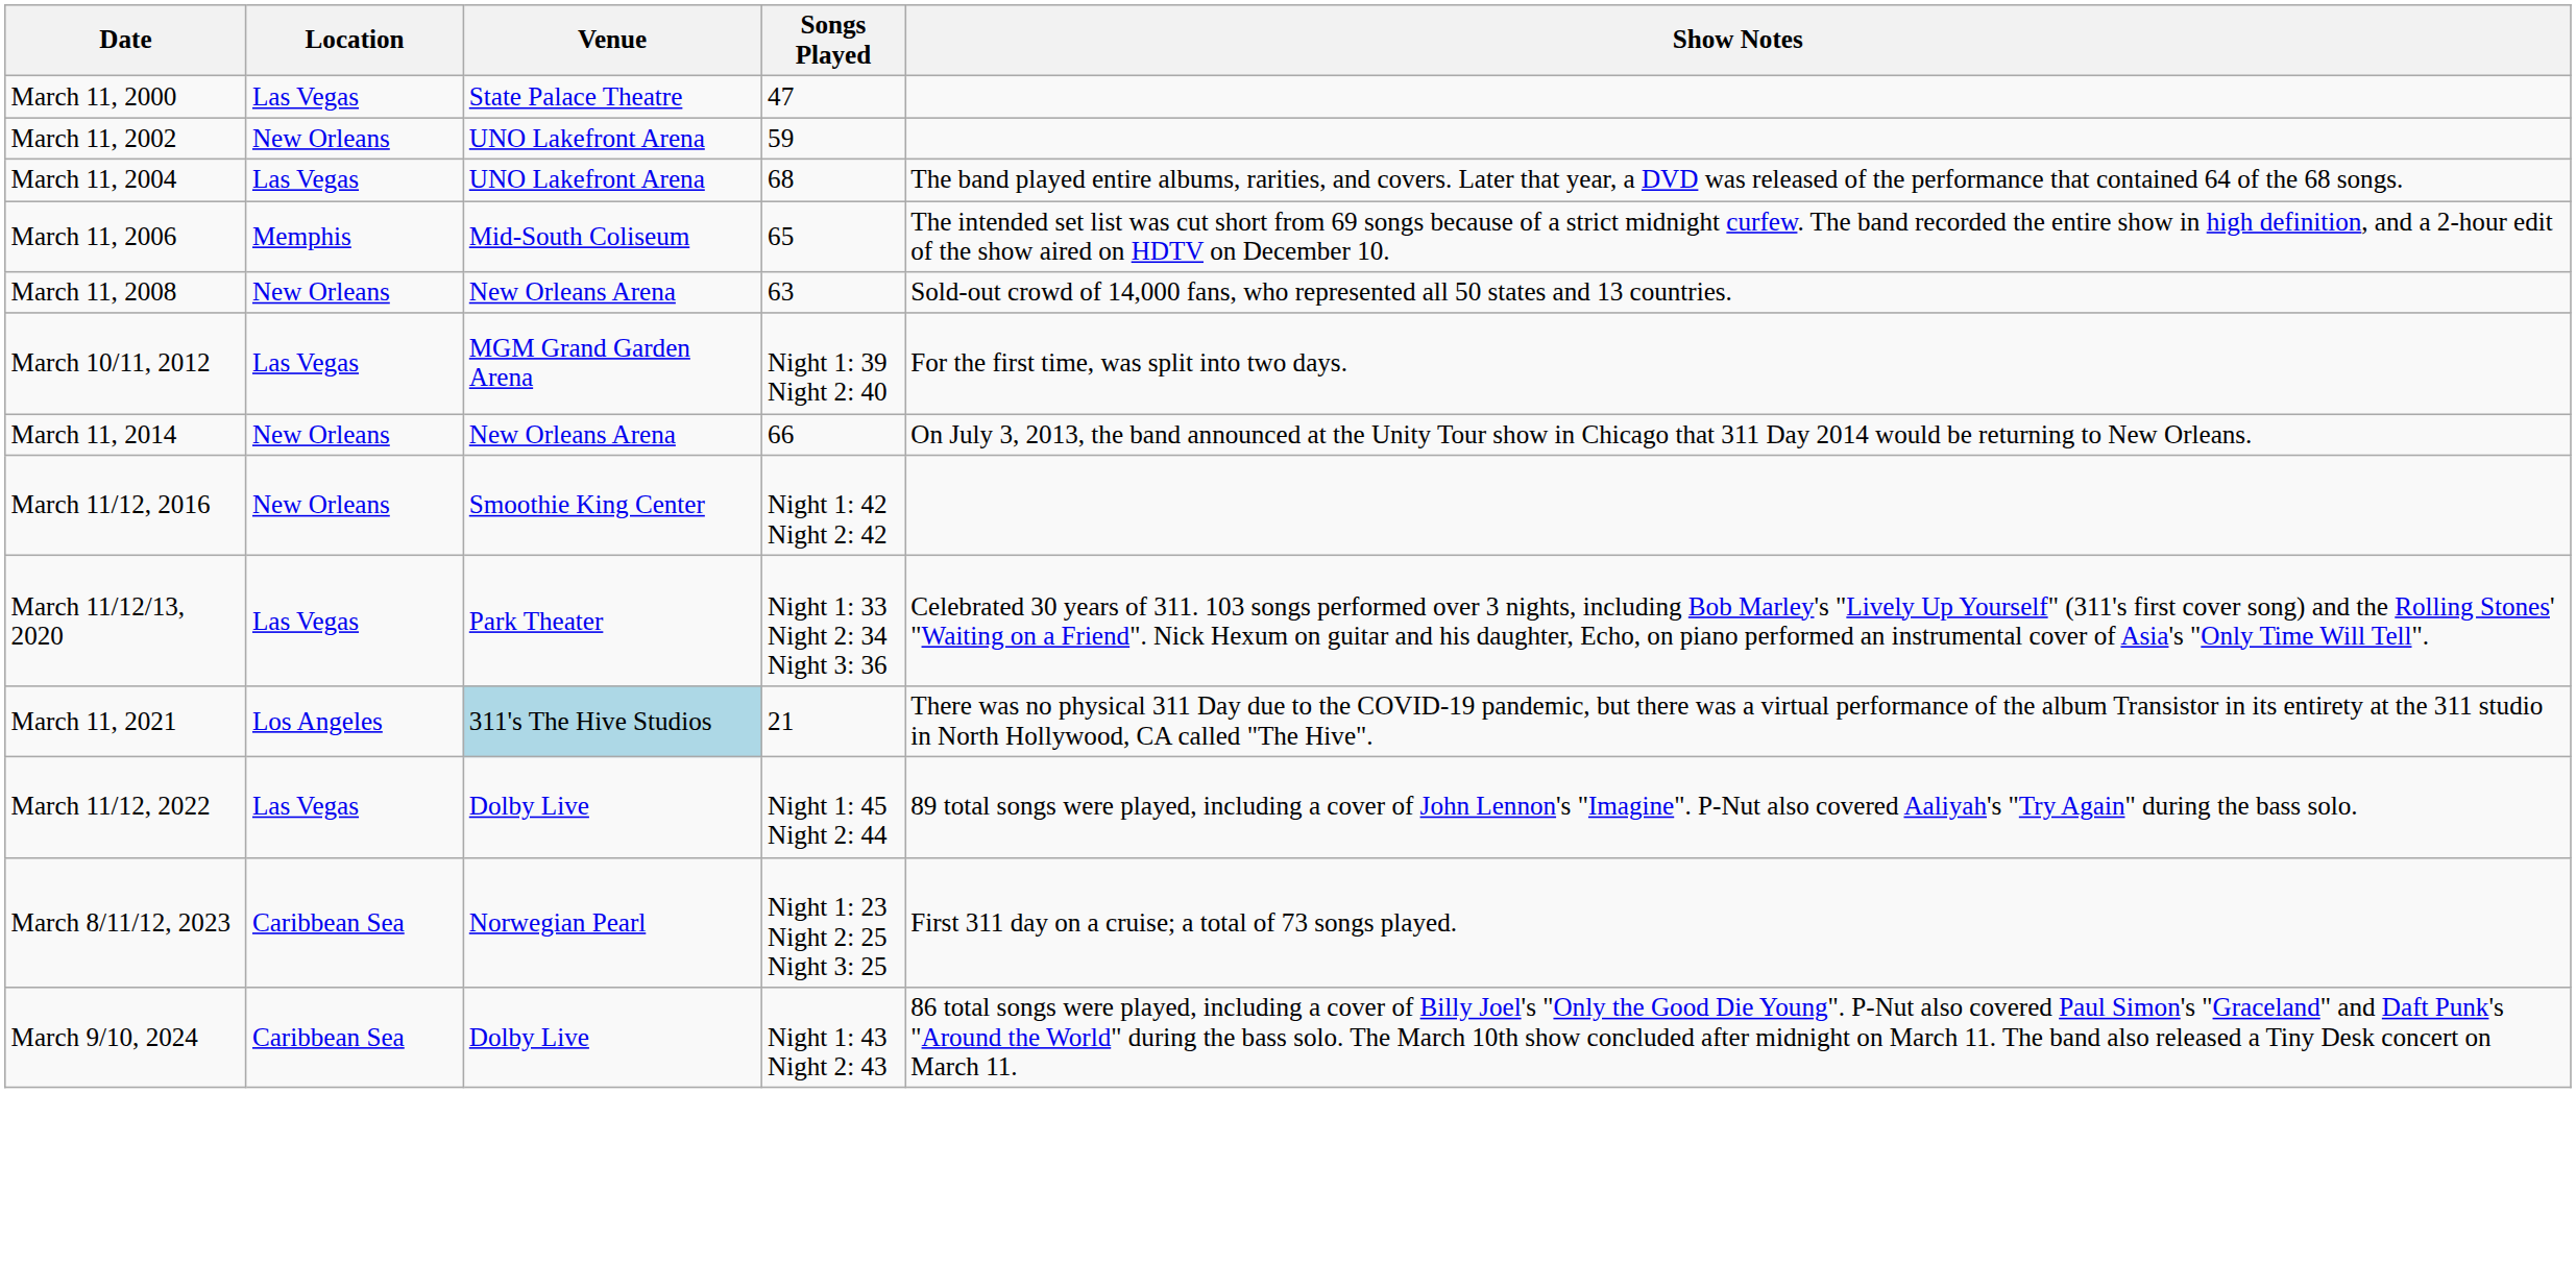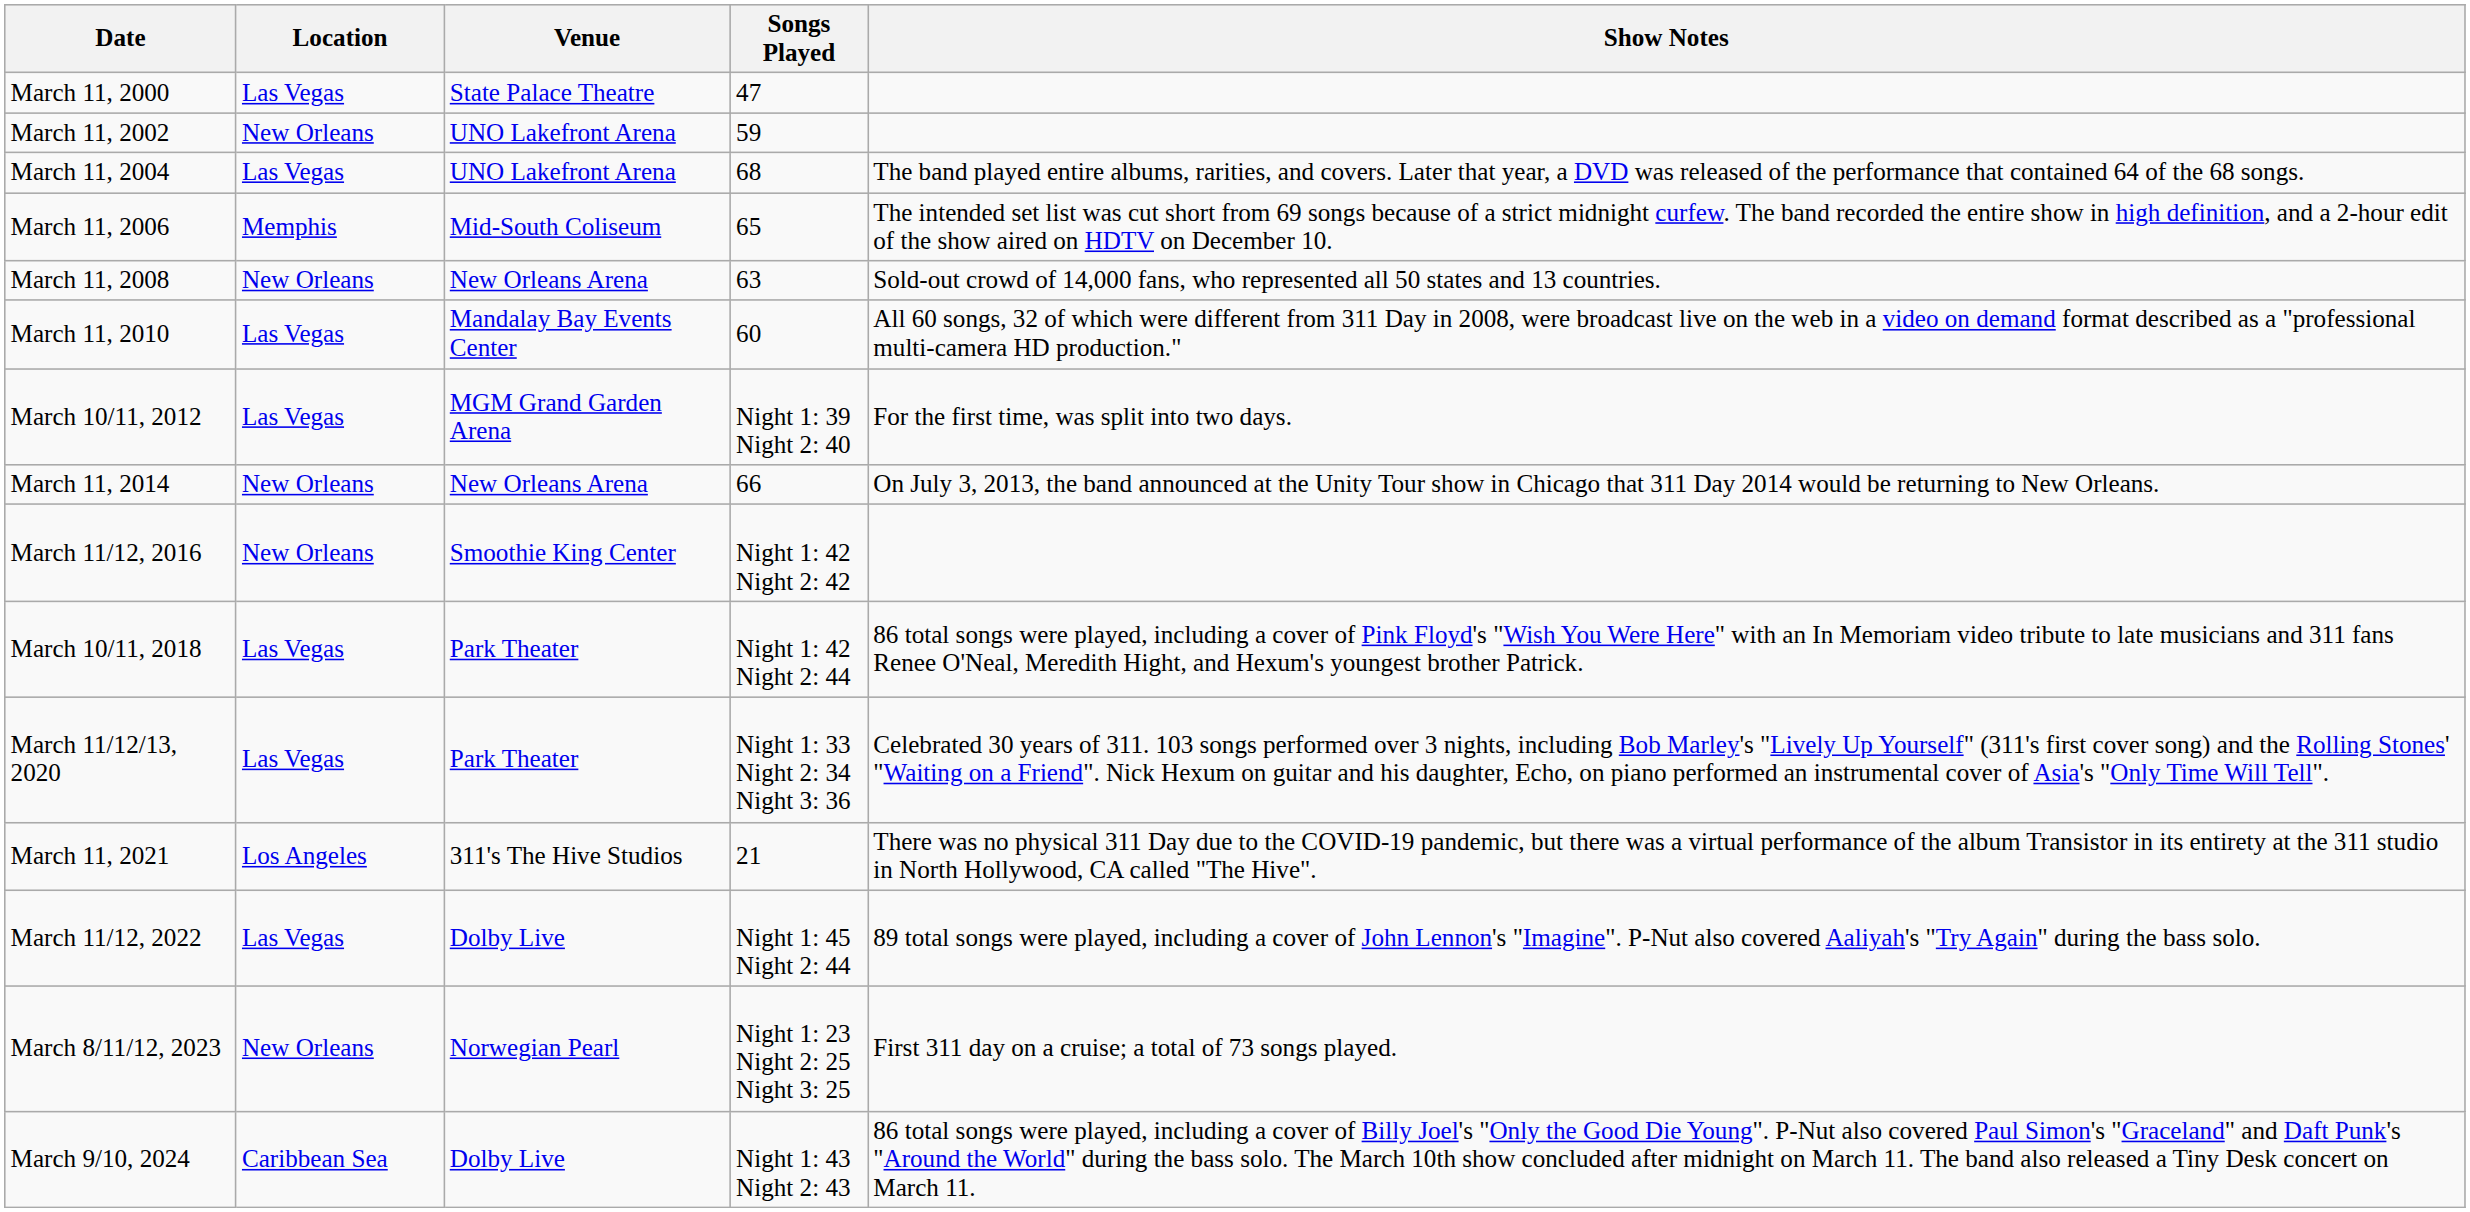 <table class="wikitable">
 <tr>
 <th scope="col" style="width: 140px;">Date</th>
 <th scope="col" style="width: 125px;">Location</th>
 <th scope="col" style="width: 175px;">Venue</th>
 <th scope="col" style="width: 80px;">Songs Played</th>
 <th>Show Notes</th>
 </tr>
 <tr>
 <td>March 11, 2000</td>
 <td><a href='#'>Las Vegas</a></td>
 <td><a href='#'>State Palace Theatre</a></td>
 <td>47</td>
 <td></td>
 </tr>
 <tr>
 <td>March 11, 2002</td>
 <td><a href='#'>New Orleans</a></td>
 <td><a href='#'>UNO Lakefront Arena</a></td>
 <td>59</td>
 <td></td>
 </tr>
 <tr>
 <td>March 11, 2004</td>
 <td><a href='#'>Las Vegas</a></td>
 <td><a href='#'>UNO Lakefront Arena</a></td>
 <td>68</td>
 <td>The band played entire albums, rarities, and covers. Later that year, a <a href='#'>DVD</a> was released of the performance that contained 64 of the 68 songs.</td>
 </tr>
 <tr>
 <td>March 11, 2006</td>
 <td><a href='#'>Memphis</a></td>
 <td><a href='#'>Mid-South Coliseum</a></td>
 <td>65</td>
 <td>The intended set list was cut short from 69 songs because of a strict midnight <a href='#'>curfew</a>. The band recorded the entire show in <a href='#'>high definition</a>, and a 2-hour edit of the show aired on <a href='#'>HDTV</a> on December 10.</td>
 </tr>
 <tr>
 <td>March 11, 2008</td>
 <td><a href='#'>New Orleans</a></td>
 <td><a href='#'>New Orleans Arena</a></td>
 <td>63</td>
 <td>Sold-out crowd of 14,000 fans, who represented all 50 states and 13 countries.</td>
 </tr>
 <tr>
+<td>March 11, 2010</td>
+<td><a href='#'>Las Vegas</a></td>
+<td><a href='#'>Mandalay Bay Events Center</a></td>
+<td>60</td>
+<td>All 60 songs, 32 of which were different from 311 Day in 2008, were broadcast live on the web in a <a href='#'>video on demand</a> format described as a "professional multi-camera HD production."</td>
+</tr>
+<tr>
 <td>March 10/11, 2012</td>
 <td><a href='#'>Las Vegas</a></td>
 <td><a href='#'>MGM Grand Garden Arena</a></td>
 <td><br>Night 1: 39 Night 2: 40</td>
 <td>For the first time, was split into two days.</td>
 </tr>
 <tr>
 <td>March 11, 2014</td>
 <td><a href='#'>New Orleans</a></td>
 <td><a href='#'>New Orleans Arena</a></td>
 <td>66</td>
 <td>On July 3, 2013, the band announced at the Unity Tour show in Chicago that 311 Day 2014 would be returning to New Orleans.</td>
 </tr>
 <tr>
 <td>March 11/12, 2016</td>
 <td><a href='#'>New Orleans</a></td>
 <td><a href='#'>Smoothie King Center</a></td>
 <td><br>Night 1: 42 Night 2: 42</td>
 <td></td>
 </tr>
 <tr>
+<td>March 10/11, 2018</td>
+<td><a href='#'>Las Vegas</a></td>
+<td><a href='#'>Park Theater</a></td>
+<td><br>Night 1: 42 Night 2: 44</td>
+<td>86 total songs were played, including a cover of <a href='#'>Pink Floyd</a>'s "<a href='#'>Wish You Were Here</a>" with an In Memoriam video tribute to late musicians and 311 fans Renee O'Neal, Meredith Hight, and Hexum's youngest brother Patrick.</td>
+</tr>
+<tr>
 <td>March 11/12/13, 2020</td>
 <td><a href='#'>Las Vegas</a></td>
 <td><a href='#'>Park Theater</a></td>
 <td><br>Night 1: 33  Night 2: 34 Night 3: 36</td>
 <td>Celebrated 30 years of 311. 103 songs performed over 3 nights, including <a href='#'>Bob Marley</a>'s "<a href='#'>Lively Up Yourself</a>" (311's first cover song) and the <a href='#'>Rolling Stones</a>' "<a href='#'>Waiting on a Friend</a>". Nick Hexum on guitar and his daughter, Echo, on piano performed an instrumental cover of <a href='#'>Asia</a>'s "<a href='#'>Only Time Will Tell</a>".</td>
 </tr>
 <tr>
 <td>March 11, 2021</td>
 <td><a href='#'>Los Angeles</a></td>
-<td style="background: lightblue;">311's The Hive Studios</td>
+<td>311's The Hive Studios</td>
 <td>21</td>
 <td>There was no physical 311 Day due to the COVID-19 pandemic, but there was a virtual performance of the album Transistor in its entirety at the 311 studio in North Hollywood, CA called "The Hive".</td>
 </tr>
 <tr>
 <td>March 11/12, 2022</td>
 <td><a href='#'>Las Vegas</a></td>
 <td><a href='#'>Dolby Live</a></td>
 <td><br>Night 1: 45 Night 2: 44</td>
 <td>89 total songs were played, including a cover of <a href='#'>John Lennon</a>'s "<a href='#'>Imagine</a>". P-Nut also covered <a href='#'>Aaliyah</a>'s "<a href='#'>Try Again</a>" during the bass solo.</td>
 </tr>
 <tr>
 <td>March 8/11/12, 2023</td>
-<td><a href='#'>Caribbean Sea</a></td>
+<td><a href='#'>New Orleans</a></td>
 <td><a href='#'>Norwegian Pearl</a></td>
 <td><br>Night 1: 23 Night 2: 25 Night 3: 25</td>
 <td>First 311 day on a cruise; a total of 73 songs played.</td>
 </tr>
 <tr>
 <td>March 9/10, 2024</td>
 <td><a href='#'>Caribbean Sea</a></td>
 <td><a href='#'>Dolby Live</a></td>
 <td><br>Night 1: 43 Night 2: 43</td>
 <td>86 total songs were played, including a cover of <a href='#'>Billy Joel</a>'s "<a href='#'>Only the Good Die Young</a>". P-Nut also covered <a href='#'>Paul Simon</a>'s "<a href='#'>Graceland</a>" and <a href='#'>Daft Punk</a>'s "<a href='#'>Around the World</a>" during the bass solo. The March 10th show concluded after midnight on March 11. The band also released a Tiny Desk concert on March 11.</td>
 </tr>
 </table>
